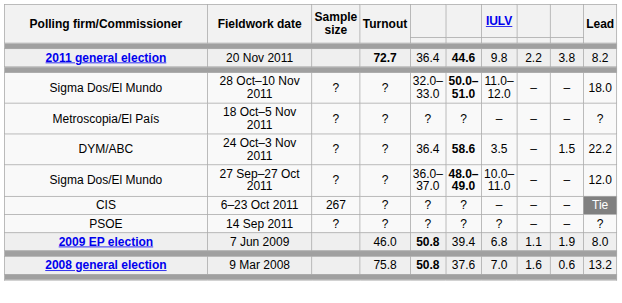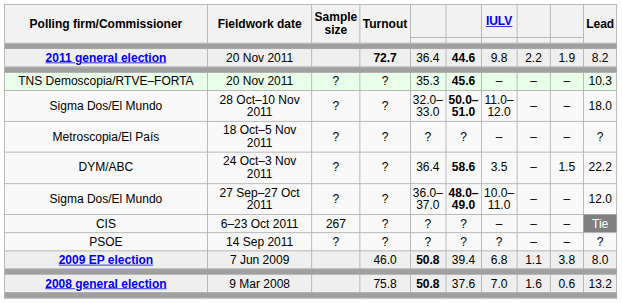 <table class="wikitable collapsible collapsed" style="text-align:center; font-size:95%; line-height:16px;">
 <tr style="height:42px;">
 <th style="width:250px;" rowspan="2">Polling firm/Commissioner</th>
 <th style="width:125px;" rowspan="2">Fieldwork date</th>
 <th style="width:50px;" rowspan="2">Sample size</th>
 <th style="width:45px;" rowspan="2">Turnout</th>
 <th style="width:35px;"></th>
 <th style="width:35px;"></th>
 <th style="width:35px;"><a href='#'>IULV</a></th>
 <th style="width:35px;"></th>
 <th style="width:35px;"></th>
 <th style="width:30px;" rowspan="2">Lead</th>
 </tr>
 <tr>
 <th style="color:inherit;background:"></th>
 <th style="color:inherit;background:"></th>
 <th style="color:inherit;background:"></th>
 <th style="color:inherit;background:"></th>
 <th style="color:inherit;background:"></th>
 </tr>
 <tr>
 <td colspan="10" style="background:#A0A0A0"></td>
 </tr>
 <tr style="background:#EFEFEF;">
 <td><strong><a href='#'>2011 general election</a></strong></td>
 <td>20 Nov 2011</td>
 <td></td>
 <td><strong>72.7</strong></td>
 <td>36.4<br></td>
 <td><strong>44.6</strong><br></td>
 <td>9.8<br></td>
 <td>2.2<br></td>
-<td>3.8<br></td>
+<td>1.9<br></td>
 <td style="background:">8.2</td>
 </tr>
 <tr>
 <td colspan="10" style="background:#A0A0A0"></td>
+</tr>
+<tr style="background:#EAFFEA;">
+<td>TNS Demoscopia/RTVE–FORTA</td>
+<td>20 Nov 2011</td>
+<td>?</td>
+<td>?</td>
+<td>35.3<br></td>
+<td><strong>45.6</strong><br></td>
+<td>–</td>
+<td>–</td>
+<td>–</td>
+<td style="background:">10.3</td>
 </tr>
 <tr>
 <td>Sigma Dos/El Mundo</td>
 <td>28 Oct–10 Nov 2011</td>
 <td>?</td>
 <td>?</td>
 <td>32.0–<br>33.0<br></td>
 <td><strong>50.0–<br>51.0</strong><br></td>
 <td>11.0–<br>12.0<br></td>
 <td>–</td>
 <td>–</td>
 <td style="background:">18.0</td>
 </tr>
 <tr>
 <td>Metroscopia/El País</td>
 <td>18 Oct–5 Nov 2011</td>
 <td>?</td>
 <td>?</td>
 <td>?<br></td>
 <td>?<br></td>
 <td>–</td>
 <td>–</td>
 <td>–</td>
 <td style="background:">?</td>
 </tr>
 <tr>
 <td>DYM/ABC</td>
 <td>24 Oct–3 Nov 2011</td>
 <td>?</td>
 <td>?</td>
 <td>36.4<br></td>
 <td><strong>58.6</strong><br></td>
 <td>3.5<br></td>
 <td>–</td>
 <td>1.5<br></td>
 <td style="background:">22.2</td>
 </tr>
 <tr>
 <td>Sigma Dos/El Mundo</td>
 <td>27 Sep–27 Oct 2011</td>
 <td>?</td>
 <td>?</td>
 <td>36.0–<br>37.0<br></td>
 <td><strong>48.0–<br>49.0</strong><br></td>
 <td>10.0–<br>11.0<br></td>
 <td>–</td>
 <td>–</td>
 <td style="background:">12.0</td>
 </tr>
 <tr>
 <td>CIS</td>
 <td>6–23 Oct 2011</td>
 <td>267</td>
 <td>?</td>
 <td>?<br></td>
 <td>?<br></td>
 <td>–</td>
 <td>–</td>
 <td>–</td>
 <td style="background:gray; color:white;">Tie</td>
 </tr>
 <tr>
 <td>PSOE</td>
 <td>14 Sep 2011</td>
 <td>?</td>
 <td>?</td>
 <td>?<br></td>
 <td>?<br></td>
 <td>?<br></td>
 <td>–</td>
 <td>–</td>
 <td style="background:">?</td>
 </tr>
 <tr style="background:#EFEFEF;">
 <td><strong><a href='#'>2009 EP election</a></strong></td>
 <td>7 Jun 2009</td>
 <td></td>
 <td>46.0</td>
 <td><strong>50.8</strong><br></td>
 <td>39.4<br></td>
 <td>6.8<br></td>
 <td>1.1<br></td>
-<td>1.9<br></td>
+<td>3.8<br></td>
 <td style="background:">8.0</td>
 </tr>
 <tr>
 <td colspan="10" style="background:#A0A0A0"></td>
 </tr>
 <tr style="background:#EFEFEF;">
 <td><strong><a href='#'>2008 general election</a></strong></td>
 <td>9 Mar 2008</td>
 <td></td>
 <td>75.8</td>
 <td><strong>50.8</strong><br></td>
 <td>37.6<br></td>
 <td>7.0<br></td>
 <td>1.6<br></td>
 <td>0.6<br></td>
 <td style="background:">13.2</td>
 </tr>
 <tr>
 <td colspan="10" style="background:#A0A0A0"></td>
 </tr>
 </table>
